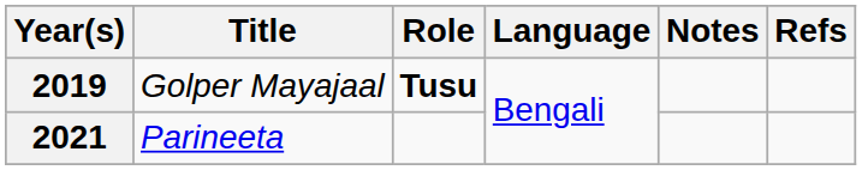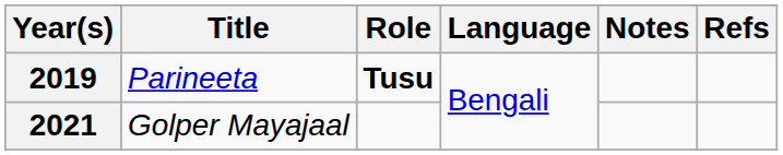 <table class="wikitable plainrowheaders sortable">
 <tr>
 <th scope="col">Year(s)</th>
 <th scope="col">Title</th>
 <th scope="col">Role</th>
 <th scope="col">Language</th>
 <th scope="col" class="unsortable">Notes</th>
 <th scope="col" class="unsortable">Refs</th>
 </tr>
 <tr>
 <th scope="row">2019</th>
-<td><em>Golper Mayajaal</em></td>
+<td><em><a href='#'>Parineeta</a></em></td>
 <td><strong>Tusu</strong></td>
 <td rowspan="2"><a href='#'>Bengali</a></td>
 <td></td>
 <td></td>
 </tr>
 <tr>
 <th scope="row">2021</th>
-<td><em><a href='#'>Parineeta</a></em></td>
+<td><em>Golper Mayajaal</em></td>
 <td></td>
 <td></td>
 <td></td>
 </tr>
 </table>
